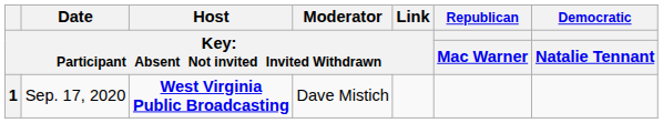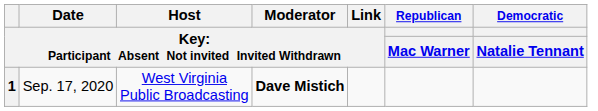 <table class="wikitable" style="text-align:center;">
 <tr>
 <th scope="col"></th>
 <th scope="col">Date</th>
 <th scope="col">Host</th>
 <th scope="col">Moderator</th>
 <th scope="col">Link</th>
 <th scope="col"><small><a href='#'>Republican</a></small></th>
 <th scope="col"><small><a href='#'>Democratic</a></small></th>
 </tr>
 <tr>
 <th colspan="5" rowspan="2">Key:<br> <small>Participant </small>  <small>Absent </small>  <small>Not invited </small>  <small>Invited  Withdrawn</small></th>
 <th scope="col" style="background:"></th>
 <th scope="col" style="background:"></th>
 </tr>
 <tr>
 <th scope="col"><a href='#'>Mac Warner</a></th>
 <th scope="col"><a href='#'>Natalie Tennant</a></th>
 </tr>
 <tr>
 <th>1</th>
 <td style="white-space:nowrap;">Sep. 17, 2020</td>
-<td style="white-space:nowrap;"><strong><a href='#'>West Virginia</a><br><a href='#'>Public Broadcasting</a></strong></td>
-<td style="white-space:nowrap;">Dave Mistich</td>
+<td style="white-space:nowrap;"><a href='#'>West Virginia</a><br><a href='#'>Public Broadcasting</a></td>
+<td style="white-space:nowrap;"><strong>Dave Mistich</strong></td>
 <td style="white-space:nowrap;"></td>
 <td></td>
 <td></td>
 </tr>
 </table>
